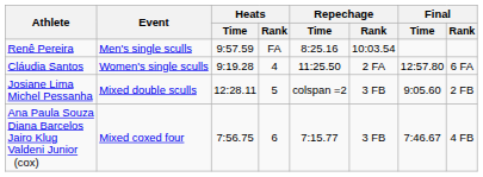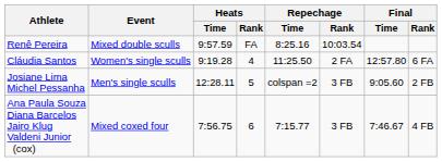 <table class="wikitable" style="font-size:90%">
 <tr>
 <th rowspan=2>Athlete</th>
 <th rowspan=2>Event</th>
 <th colspan=2>Heats</th>
 <th colspan=2>Repechage</th>
 <th colspan=2>Final</th>
 </tr>
 <tr style="font-size:95%">
 <th>Time</th>
 <th>Rank</th>
 <th>Time</th>
 <th>Rank</th>
 <th>Time</th>
 <th>Rank</th>
 </tr>
 <tr align=center>
 <td align=left><a href='#'>Renê Pereira</a></td>
-<td align=left><a href='#'>Men's single sculls</a></td>
+<td align=left><a href='#'>Mixed double sculls</a></td>
 <td>9:57.59</td>
 <td>FA</td>
 <td>8:25.16</td>
 <td>10:03.54</td>
 <td></td>
 </tr>
 <tr align=center>
 <td align=left><a href='#'>Cláudia Santos</a></td>
 <td align=left><a href='#'>Women's single sculls</a></td>
 <td>9:19.28</td>
 <td>4</td>
 <td>11:25.50</td>
 <td>2 FA</td>
 <td>12:57.80</td>
 <td>6 FA</td>
 </tr>
 <tr align=center>
 <td align=left><a href='#'>Josiane Lima</a><br><a href='#'>Michel Pessanha</a></td>
-<td align=left><a href='#'>Mixed double sculls</a></td>
+<td align=left><a href='#'>Men's single sculls</a></td>
 <td>12:28.11</td>
 <td>5</td>
 <td>colspan =2 </td>
 <td>3 FB</td>
 <td>9:05.60</td>
 <td>2 FB</td>
 </tr>
 <tr align=center>
 <td align=left><a href='#'>Ana Paula Souza</a><br><a href='#'>Diana Barcelos</a><br><a href='#'>Jairo Klug</a><br><a href='#'>Valdeni Junior</a><br>  (cox)</td>
 <td align=left><a href='#'>Mixed coxed four</a></td>
 <td>7:56.75</td>
 <td>6</td>
 <td>7:15.77</td>
 <td>3 FB</td>
 <td>7:46.67</td>
 <td>4 FB</td>
 </tr>
 </table>
